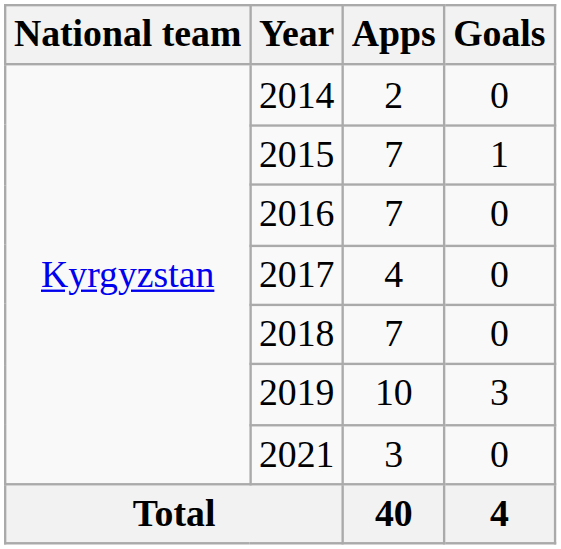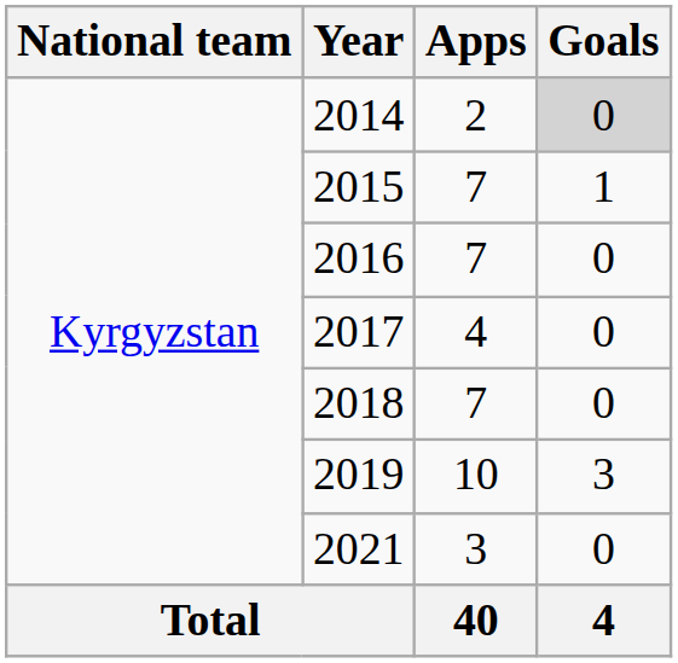 <table class="wikitable" style="text-align:center">
 <tr>
 <th>National team</th>
 <th>Year</th>
 <th>Apps</th>
 <th>Goals</th>
 </tr>
 <tr>
 <td rowspan="7"><a href='#'>Kyrgyzstan</a></td>
 <td>2014</td>
 <td>2</td>
-<td>0</td>
+<td style="background: lightgrey;">0</td>
 </tr>
 <tr>
 <td>2015</td>
 <td>7</td>
 <td>1</td>
 </tr>
 <tr>
 <td>2016</td>
 <td>7</td>
 <td>0</td>
 </tr>
 <tr>
 <td>2017</td>
 <td>4</td>
 <td>0</td>
 </tr>
 <tr>
 <td>2018</td>
 <td>7</td>
 <td>0</td>
 </tr>
 <tr>
 <td>2019</td>
 <td>10</td>
 <td>3</td>
 </tr>
 <tr>
 <td>2021</td>
 <td>3</td>
 <td>0</td>
 </tr>
 <tr>
 <th colspan="2">Total</th>
 <th>40</th>
 <th>4</th>
 </tr>
 </table>
